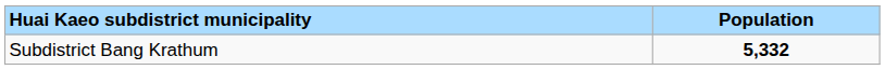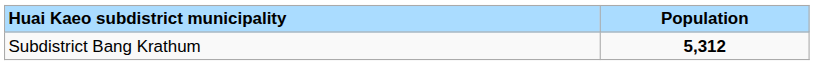 <table class="wikitable" style="width:48%; display:inline-table;">
 <tr>
 <th scope="col" style= "width:74%; background: #aadcff; text-align:left;"><strong>Huai Kaeo subdistrict municipality</strong></th>
 <th scope="col" style= "width:26%; background: #aadcff; text-align:center;"><strong>Population</strong></th>
 </tr>
 <tr>
 <td>Subdistrict Bang Krathum</td>
-<td style="text-align:center;"><strong>5,332</strong></td>
+<td style="text-align:center;"><strong>5,312</strong></td>
 </tr>
 </table>
